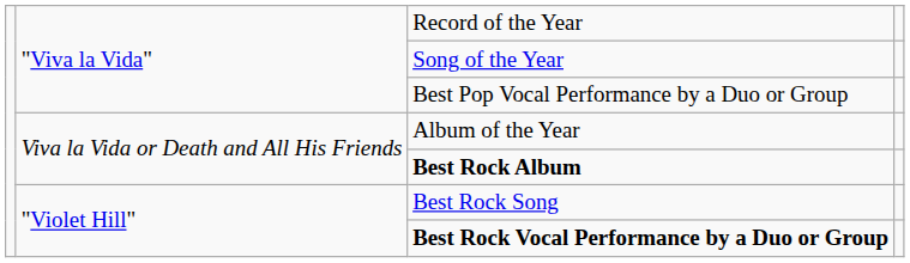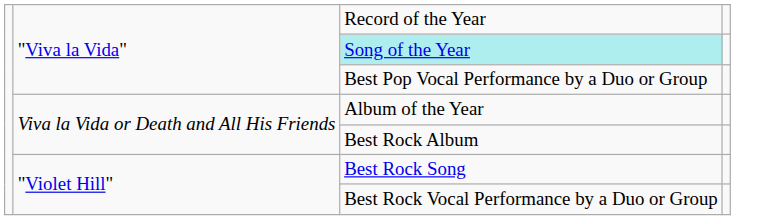 <table class="wikitable">
 <tr>
 <td style="text-align:center;" rowspan="7"></td>
 <td rowspan="3">"<a href='#'>Viva la Vida</a>"</td>
 <td>Record of the Year</td>
 <td></td>
 </tr>
 <tr>
-<td><a href='#'>Song of the Year</a></td>
+<td style="background: paleturquoise;"><a href='#'>Song of the Year</a></td>
 <td></td>
 </tr>
 <tr>
 <td>Best Pop Vocal Performance by a Duo or Group</td>
 <td></td>
 </tr>
 <tr>
 <td rowspan="2"><em>Viva la Vida or Death and All His Friends</em></td>
 <td>Album of the Year</td>
 <td></td>
 </tr>
 <tr>
-<td><strong>Best Rock Album</strong></td>
+<td>Best Rock Album</td>
 <td></td>
 </tr>
 <tr>
 <td rowspan="2">"<a href='#'>Violet Hill</a>"</td>
 <td><a href='#'>Best Rock Song</a></td>
 <td></td>
 </tr>
 <tr>
-<td><strong>Best Rock Vocal Performance by a Duo or Group</strong></td>
+<td>Best Rock Vocal Performance by a Duo or Group</td>
 <td></td>
 </tr>
 </table>
